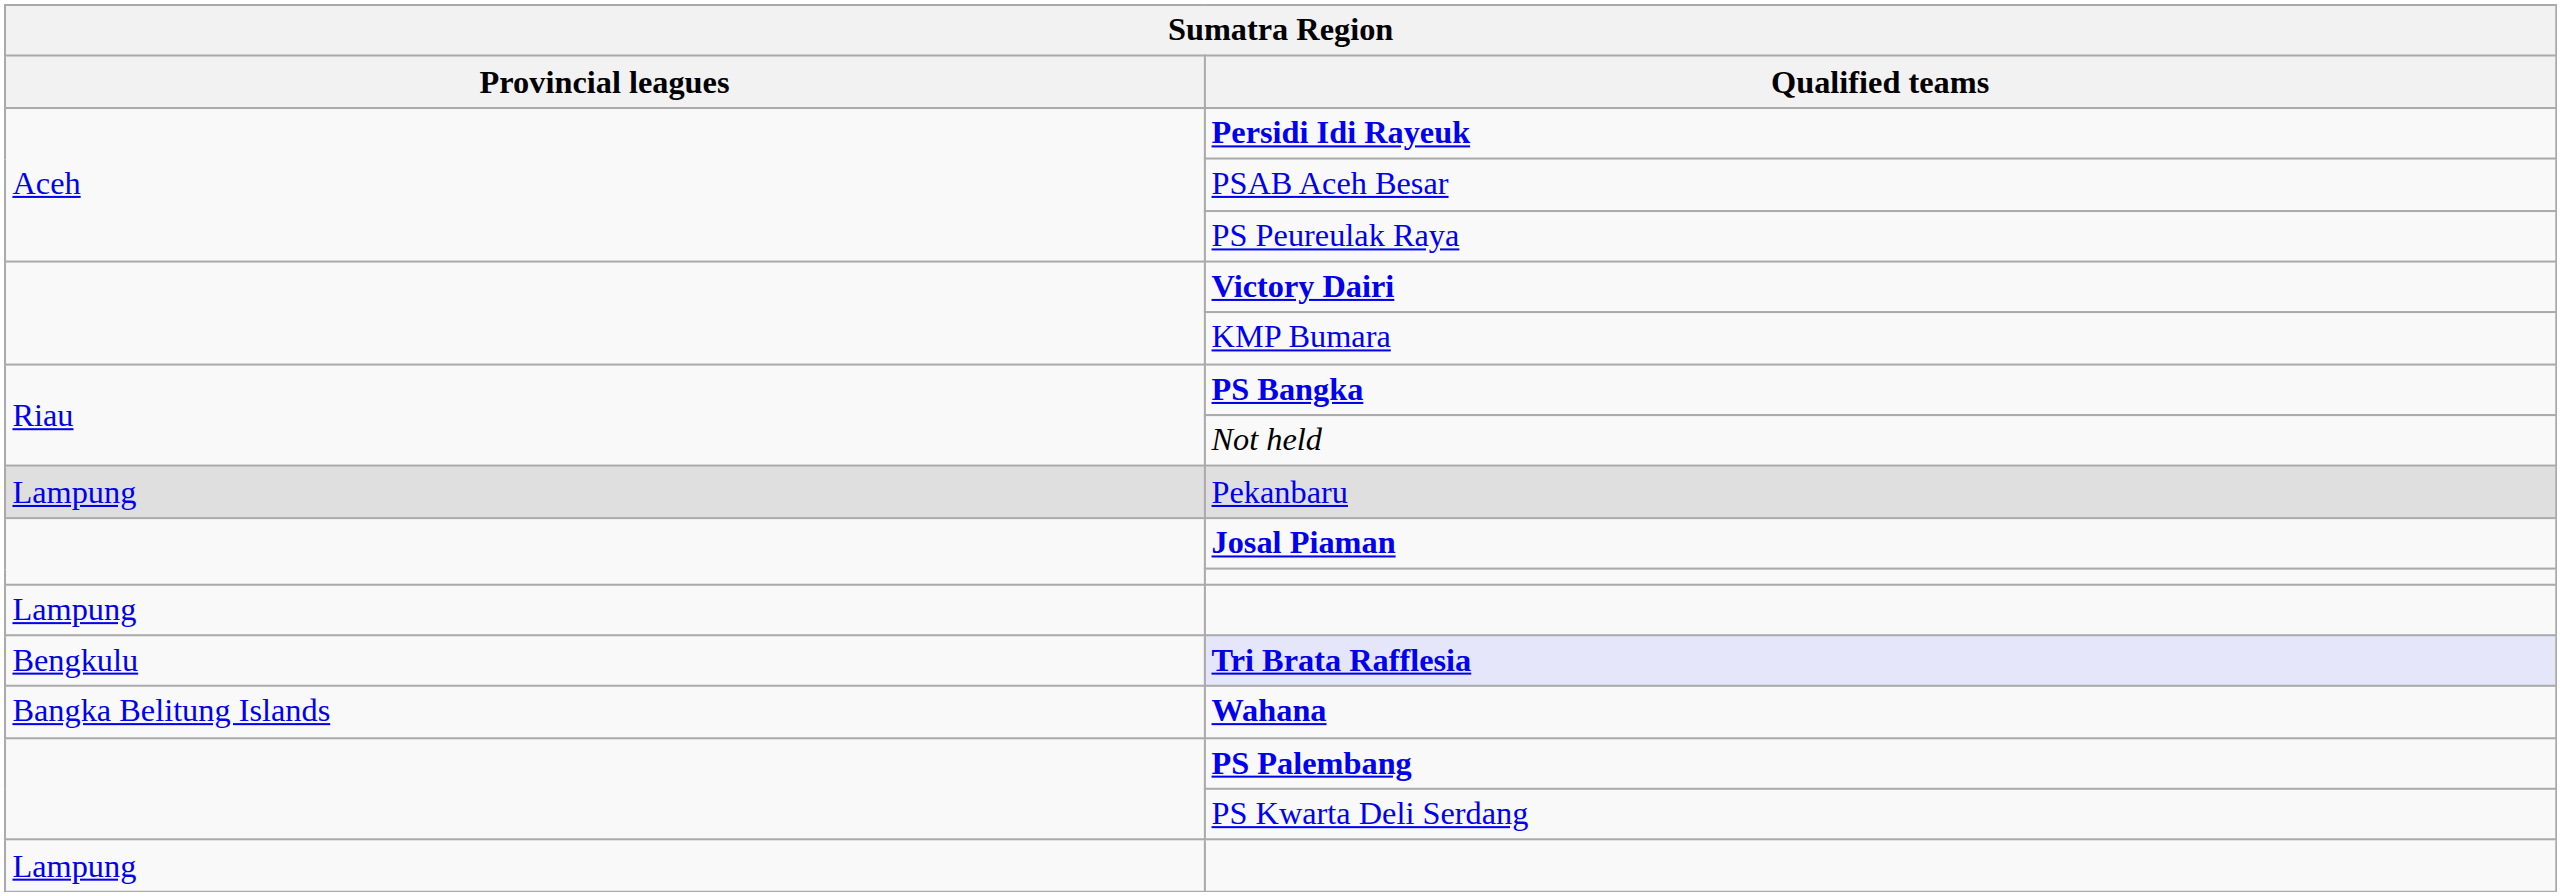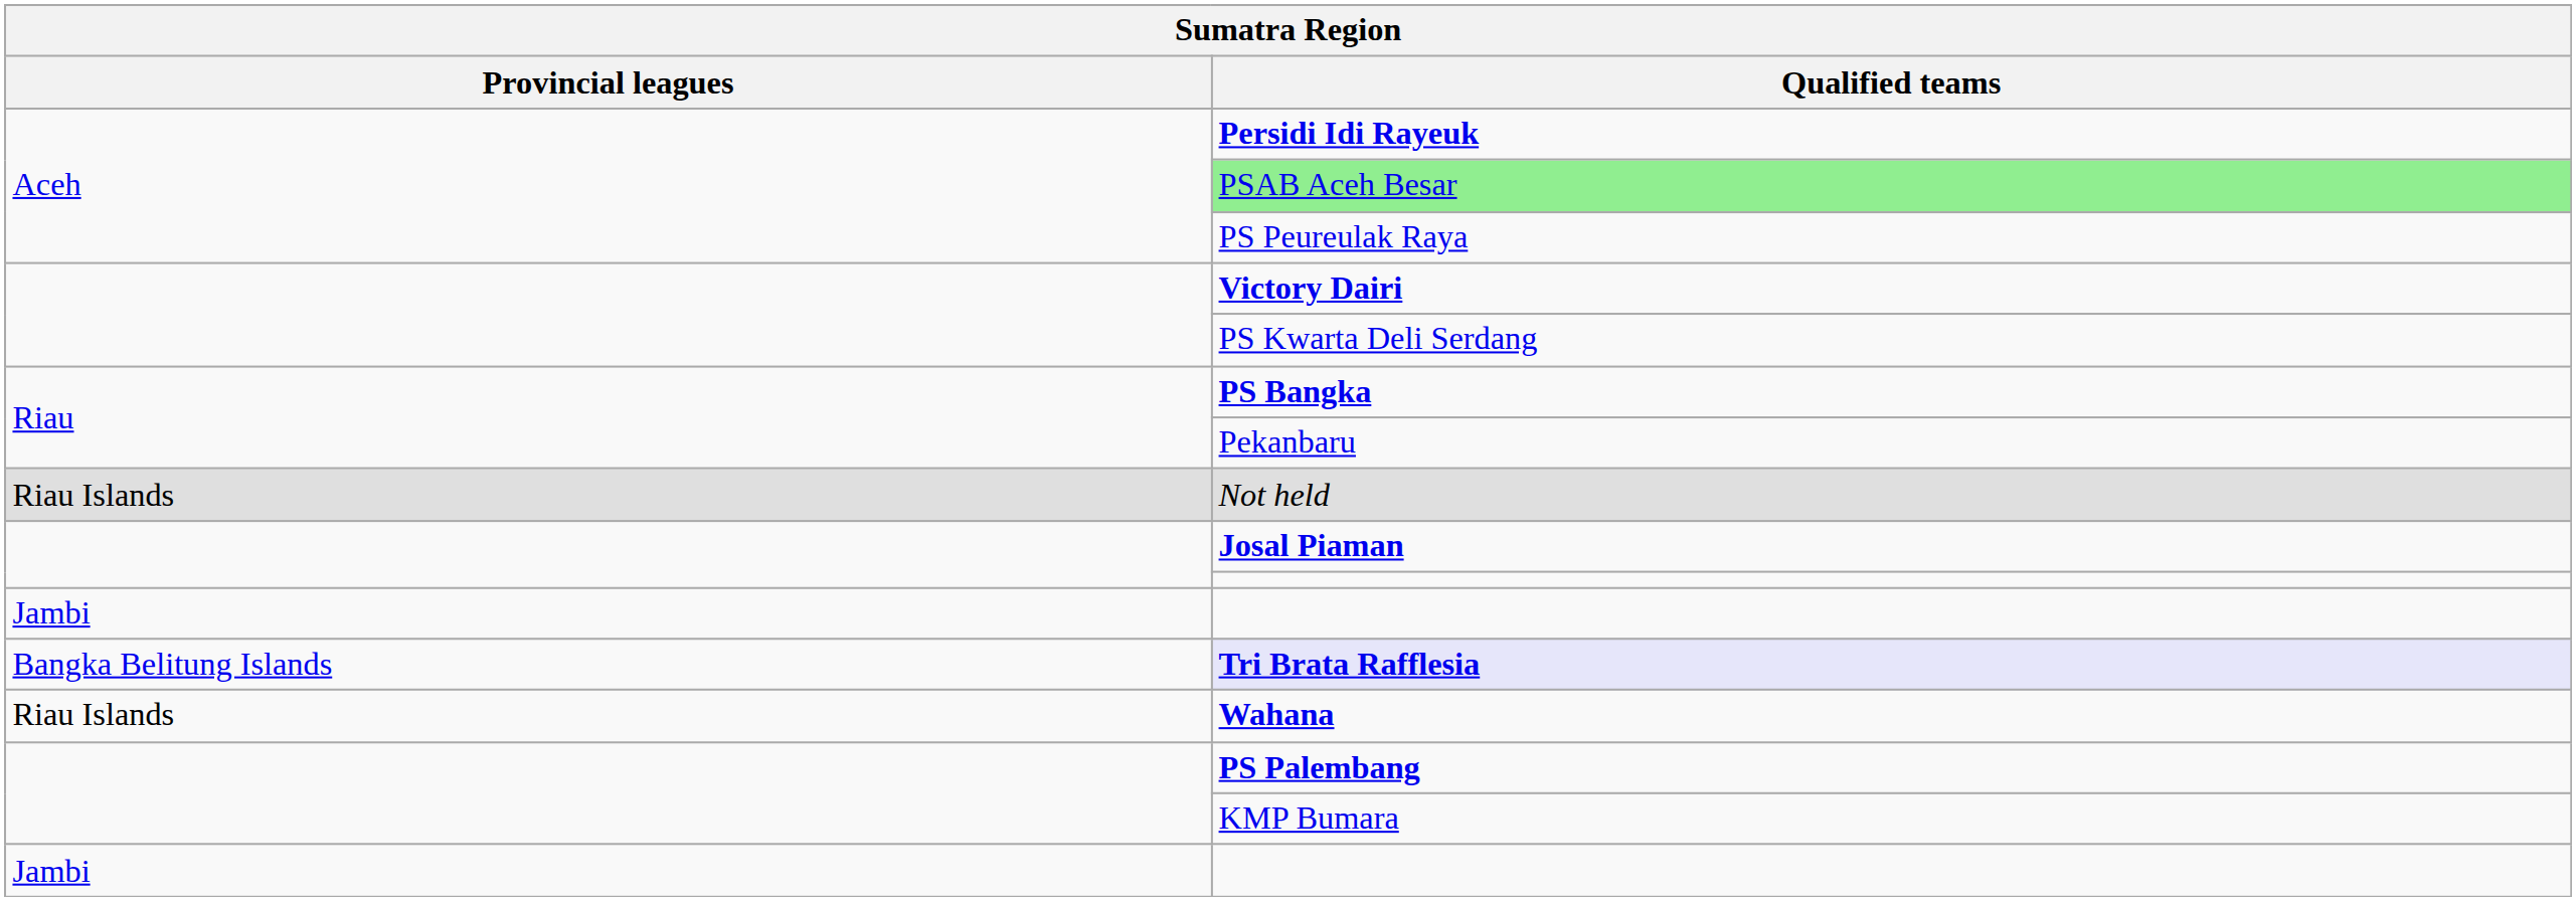 <table class="wikitable sortable" style="width:100%;">
 <tr>
 <th colspan="2"><strong>Sumatra Region</strong></th>
 </tr>
 <tr>
 <th style="width:47%;">Provincial leagues</th>
 <th style="width:53%;">Qualified teams</th>
 </tr>
 <tr>
 <td rowspan="3"> <a href='#'>Aceh</a></td>
 <td><strong><a href='#'>Persidi Idi Rayeuk</a></strong></td>
 </tr>
 <tr>
-<td><a href='#'>PSAB Aceh Besar</a></td>
+<td style="background: lightgreen;"><a href='#'>PSAB Aceh Besar</a></td>
 </tr>
 <tr>
 <td><a href='#'>PS Peureulak Raya</a></td>
 </tr>
 <tr>
 <td rowspan="2"></td>
 <td><strong><a href='#'>Victory Dairi</a></strong></td>
 </tr>
 <tr>
-<td><a href='#'>KMP Bumara</a></td>
+<td><a href='#'>PS Kwarta Deli Serdang</a></td>
 </tr>
 <tr>
 <td rowspan="2"> <a href='#'>Riau</a></td>
 <td><strong><a href='#'>PS Bangka</a></strong></td>
 </tr>
 <tr>
-<td><em>Not held</em></td>
+<td><a href='#'>Pekanbaru</a></td>
 </tr>
 <tr bgcolor="#DFDFDF">
-<td> <a href='#'>Lampung</a></td>
-<td><a href='#'>Pekanbaru</a></td>
+<td> Riau Islands</td>
+<td><em>Not held</em></td>
 </tr>
 <tr>
 <td rowspan="2"></td>
 <td><strong><a href='#'>Josal Piaman</a></strong></td>
 </tr>
 <tr>
 <td></td>
 </tr>
 <tr>
-<td> <a href='#'>Lampung</a></td>
+<td> <a href='#'>Jambi</a></td>
 <td></td>
 </tr>
 <tr>
-<td> <a href='#'>Bengkulu</a></td>
+<td> <a href='#'>Bangka Belitung Islands</a></td>
 <td style="background: lavender;"><strong><a href='#'>Tri Brata Rafflesia</a></strong></td>
 </tr>
 <tr>
-<td> <a href='#'>Bangka Belitung Islands</a></td>
+<td> Riau Islands</td>
 <td><strong><a href='#'>Wahana</a></strong></td>
 </tr>
 <tr>
 <td rowspan="2"></td>
 <td><strong><a href='#'>PS Palembang</a></strong></td>
 </tr>
 <tr>
-<td><a href='#'>PS Kwarta Deli Serdang</a></td>
+<td><a href='#'>KMP Bumara</a></td>
 </tr>
 <tr>
-<td> <a href='#'>Lampung</a></td>
+<td> <a href='#'>Jambi</a></td>
 <td></td>
 </tr>
 </table>
